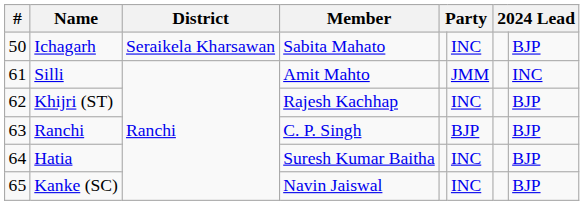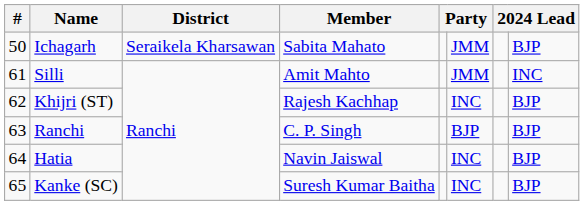 <table class="wikitable">
 <tr>
 <th>#</th>
 <th>Name</th>
 <th>District</th>
 <th>Member</th>
 <th colspan="2">Party</th>
 <th colspan="2">2024 Lead</th>
 </tr>
 <tr>
 <td>50</td>
 <td><a href='#'>Ichagarh</a></td>
 <td><a href='#'>Seraikela Kharsawan</a></td>
 <td><a href='#'>Sabita Mahato</a></td>
 <td style="background-color: "></td>
-<td><a href='#'>INC</a></td>
+<td><a href='#'>JMM</a></td>
 <td style="background-color: "></td>
 <td><a href='#'>BJP</a></td>
 </tr>
 <tr>
 <td>61</td>
 <td><a href='#'>Silli</a></td>
 <td rowspan="5"><a href='#'>Ranchi</a></td>
 <td><a href='#'>Amit Mahto</a></td>
 <td style="background-color: "></td>
 <td><a href='#'>JMM</a></td>
 <td style="background-color: "></td>
 <td><a href='#'>INC</a></td>
 </tr>
 <tr>
 <td>62</td>
 <td><a href='#'>Khijri</a> (ST)</td>
 <td><a href='#'>Rajesh Kachhap</a></td>
 <td style="background-color: "></td>
 <td><a href='#'>INC</a></td>
 <td style="background-color: "></td>
 <td><a href='#'>BJP</a></td>
 </tr>
 <tr>
 <td>63</td>
 <td><a href='#'>Ranchi</a></td>
 <td><a href='#'>C. P. Singh</a></td>
 <td style="background-color: "></td>
 <td><a href='#'>BJP</a></td>
 <td style="background-color: "></td>
 <td><a href='#'>BJP</a></td>
 </tr>
 <tr>
 <td>64</td>
 <td><a href='#'>Hatia</a></td>
-<td><a href='#'>Suresh Kumar Baitha</a></td>
+<td><a href='#'>Navin Jaiswal</a></td>
 <td style="background-color: "></td>
 <td><a href='#'>INC</a></td>
 <td style="background-color: "></td>
 <td><a href='#'>BJP</a></td>
 </tr>
 <tr>
 <td>65</td>
 <td><a href='#'>Kanke</a> (SC)</td>
-<td><a href='#'>Navin Jaiswal</a></td>
+<td><a href='#'>Suresh Kumar Baitha</a></td>
 <td style="background-color: "></td>
 <td><a href='#'>INC</a></td>
 <td style="background-color: "></td>
 <td><a href='#'>BJP</a></td>
 </tr>
 </table>
